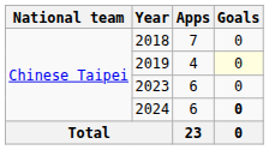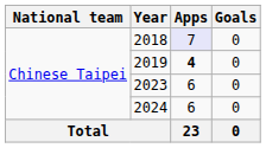 <table class="wikitable" style="text-align:center">
 <tr>
 <th>National team</th>
 <th>Year</th>
 <th>Apps</th>
 <th>Goals</th>
 </tr>
 <tr>
 <td rowspan="4"><a href='#'>Chinese Taipei</a></td>
 <td>2018</td>
-<td>7</td>
+<td style="background: lavender;">7</td>
 <td>0</td>
 </tr>
 <tr>
 <td>2019</td>
-<td>4</td>
-<td style="background: lightyellow;">0</td>
+<td><strong>4</strong></td>
+<td>0</td>
 </tr>
 <tr>
 <td>2023</td>
 <td>6</td>
 <td>0</td>
 </tr>
 <tr>
 <td>2024</td>
 <td>6</td>
-<td><strong>0</strong></td>
+<td>0</td>
 </tr>
 <tr>
 <th colspan=2>Total</th>
 <th>23</th>
 <th>0</th>
 </tr>
 </table>
